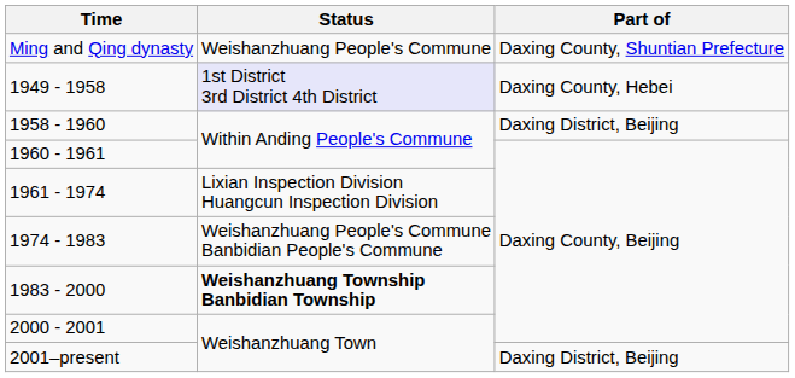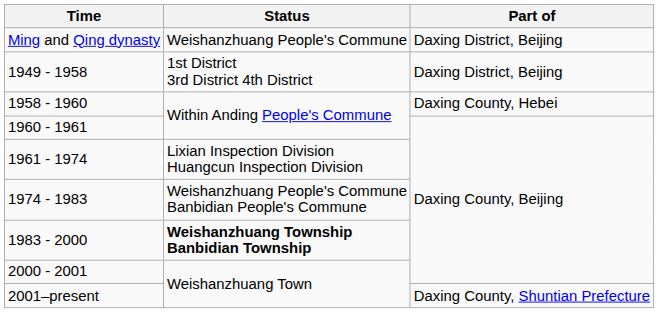 <table class="wikitable">
 <tr>
 <th>Time</th>
 <th>Status</th>
 <th>Part of</th>
 </tr>
 <tr>
 <td><a href='#'>Ming</a> and <a href='#'>Qing dynasty</a></td>
 <td>Weishanzhuang People's Commune</td>
-<td>Daxing County, <a href='#'>Shuntian Prefecture</a></td>
+<td>Daxing District, Beijing</td>
 </tr>
 <tr>
 <td>1949 - 1958</td>
-<td style="background: lavender;">1st District<br>3rd District 4th District</td>
-<td>Daxing County, Hebei</td>
+<td>1st District<br>3rd District 4th District</td>
+<td>Daxing District, Beijing</td>
 </tr>
 <tr>
 <td>1958 - 1960</td>
 <td rowspan="2">Within Anding <a href='#'>People's Commune</a></td>
-<td>Daxing District, Beijing</td>
+<td>Daxing County, Hebei</td>
 </tr>
 <tr>
 <td>1960 - 1961</td>
 <td rowspan="5">Daxing County, Beijing</td>
 </tr>
 <tr>
 <td>1961 - 1974</td>
 <td>Lixian Inspection Division<br>Huangcun Inspection Division</td>
 </tr>
 <tr>
 <td>1974 - 1983</td>
 <td>Weishanzhuang People's Commune<br>Banbidian People's Commune</td>
 </tr>
 <tr>
 <td>1983 - 2000</td>
 <td><strong>Weishanzhuang Township<br>Banbidian Township</strong></td>
 </tr>
 <tr>
 <td>2000 - 2001</td>
 <td rowspan="2">Weishanzhuang Town</td>
 </tr>
 <tr>
 <td>2001–present</td>
-<td>Daxing District, Beijing</td>
+<td>Daxing County, <a href='#'>Shuntian Prefecture</a></td>
 </tr>
 </table>
